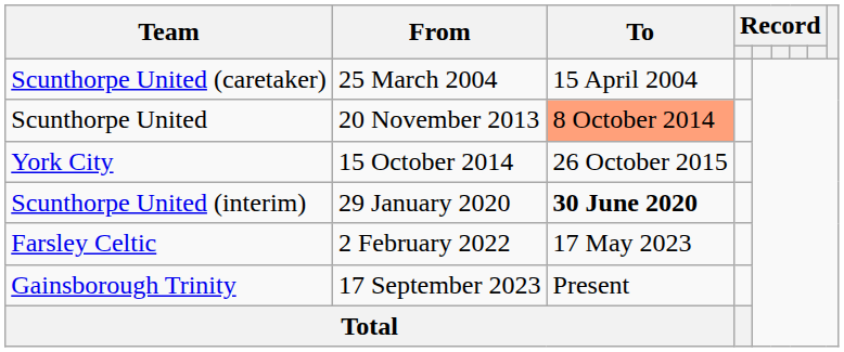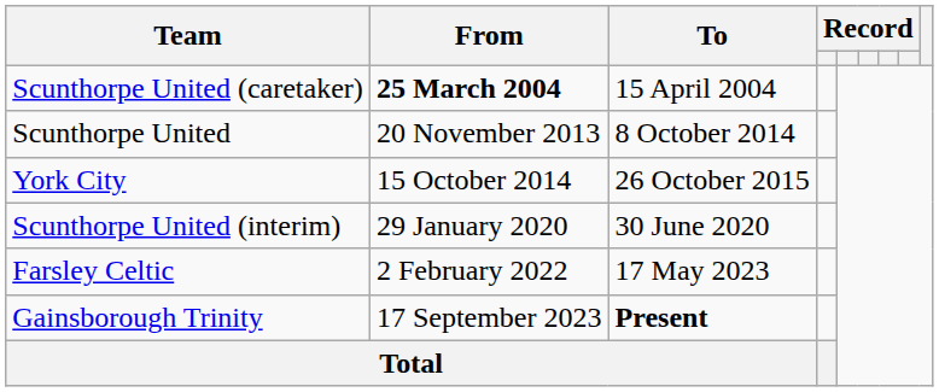 <table class=wikitable style="text-align:center">
 <tr>
 <th rowspan=2>Team</th>
 <th rowspan=2>From</th>
 <th rowspan=2>To</th>
 <th colspan=5>Record</th>
 <th rowspan=2></th>
 </tr>
 <tr>
 <th></th>
 <th></th>
 <th></th>
 <th></th>
 <th></th>
 </tr>
 <tr>
 <td align=left><a href='#'>Scunthorpe United</a> (caretaker)</td>
-<td align=left>25 March 2004</td>
+<td align=left><strong>25 March 2004</strong></td>
 <td align=left>15 April 2004<br></td>
 <td></td>
 </tr>
 <tr>
 <td align=left>Scunthorpe United</td>
 <td align=left>20 November 2013</td>
-<td align=left style="background: lightsalmon;">8 October 2014<br></td>
+<td align=left>8 October 2014<br></td>
 <td></td>
 </tr>
 <tr>
 <td align=left><a href='#'>York City</a></td>
 <td align=left>15 October 2014</td>
 <td align=left>26 October 2015<br></td>
 <td></td>
 </tr>
 <tr>
 <td align=left><a href='#'>Scunthorpe United</a> (interim)</td>
 <td align=left>29 January 2020</td>
-<td align=left><strong>30 June 2020<br></strong></td>
+<td align=left>30 June 2020<br></td>
 <td></td>
 </tr>
 <tr>
 <td align=left><a href='#'>Farsley Celtic</a></td>
 <td align=left>2 February 2022</td>
 <td align=left>17 May 2023<br></td>
 <td></td>
 </tr>
 <tr>
 <td align=left><a href='#'>Gainsborough Trinity</a></td>
 <td align=left>17 September 2023</td>
-<td align=left>Present<br></td>
+<td align=left><strong>Present<br></strong></td>
 <td></td>
 </tr>
 <tr>
 <th colspan=3>Total<br></th>
 <th></th>
 </tr>
 </table>
